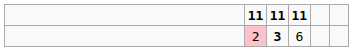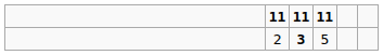 <table class="wikitable">
 <tr>
 <td style="width:18em"><strong> </strong></td>
 <td align=center style="width:1em"><strong>11</strong></td>
 <td align=center style="width:1em"><strong>11</strong></td>
 <td align=center style="width:1em"><strong>11</strong></td>
 <td align=center style="width:1em"></td>
 <td align=center style="width:1em"></td>
 </tr>
 <tr>
 <td style="width:18em"></td>
-<td align=center style="background: pink; width:1em">2</td>
+<td align=center style="width:1em">2</td>
 <td align=center style="width:1em"><strong>3</strong></td>
-<td align=center style="width:1em">6</td>
+<td align=center style="width:1em">5</td>
 <td align=center style="width:1em"></td>
 <td align=center style="width:1em"></td>
 </tr>
 </table>
